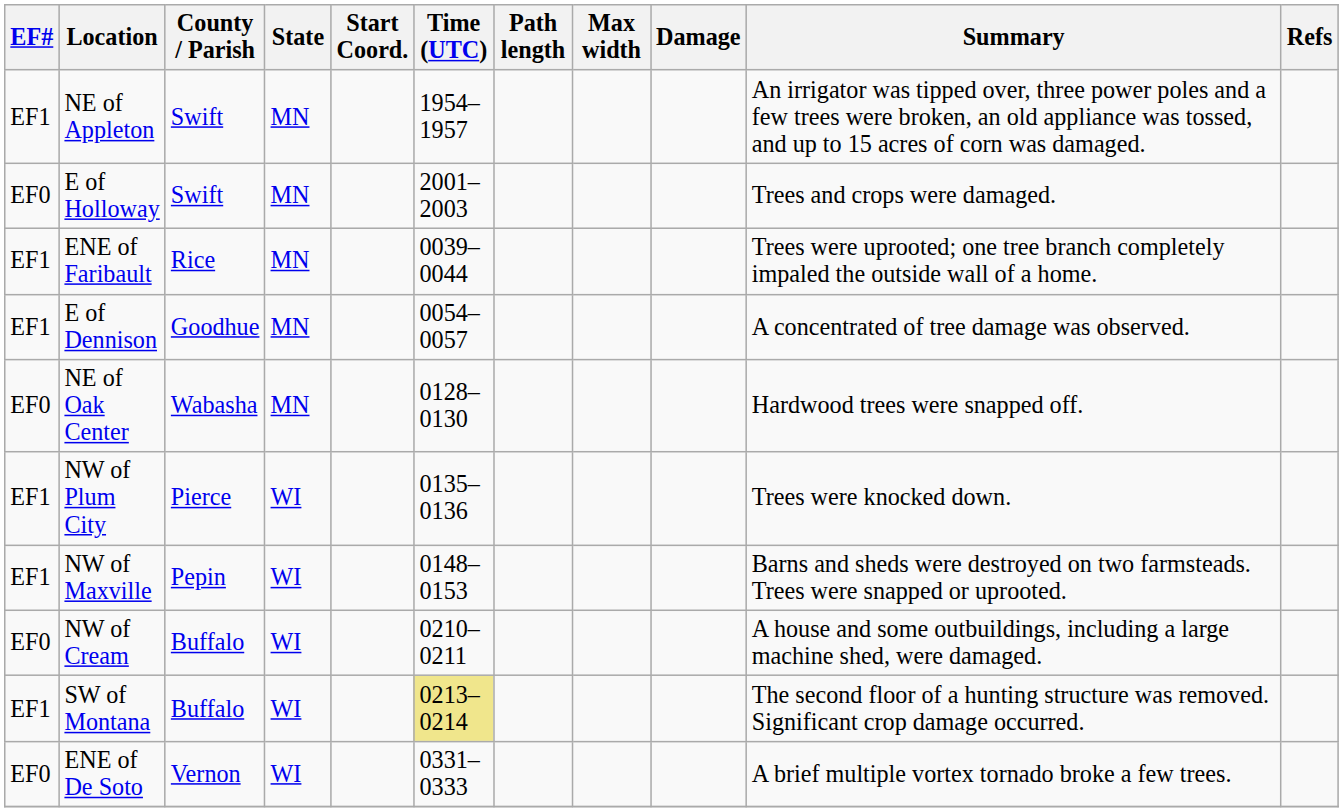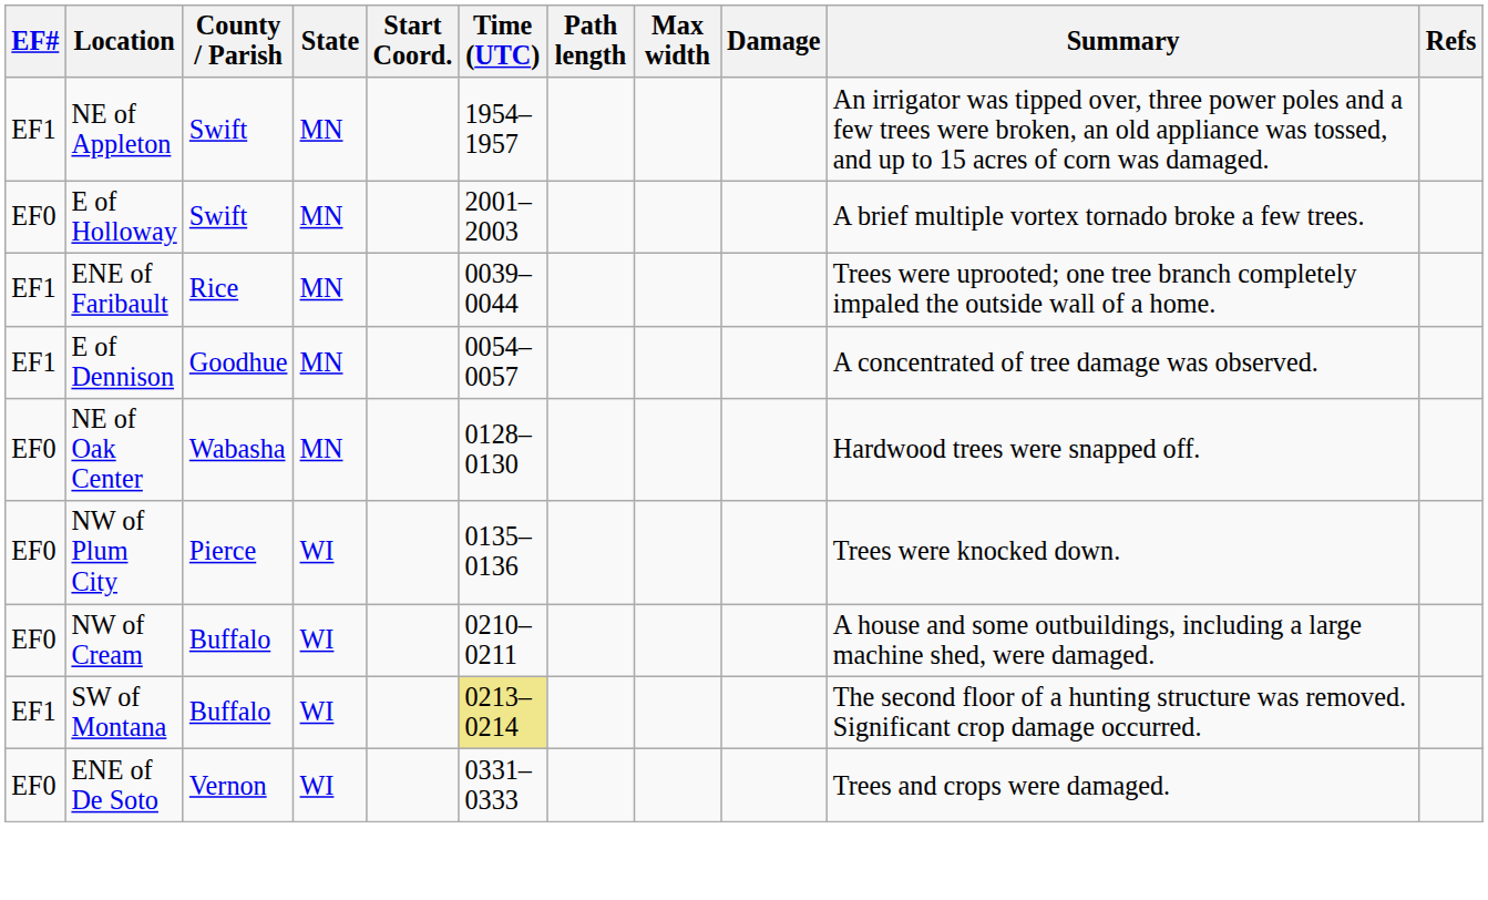 <table class="wikitable sortable" style="width:100%;">
 <tr>
 <th scope="col" width="3%" align="center"><a href='#'>EF#</a></th>
 <th scope="col" width="7%" align="center" class="unsortable">Location</th>
 <th scope="col" width="6%" align="center" class="unsortable">County / Parish</th>
 <th scope="col" width="5%" align="center">State</th>
 <th scope="col" width="6%" align="center">Start Coord.</th>
 <th scope="col" width="6%" align="center">Time (<a href='#'>UTC</a>)</th>
 <th scope="col" width="6%" align="center">Path length</th>
 <th scope="col" width="6%" align="center">Max width</th>
 <th scope="col" width="6%" align="center">Damage</th>
 <th scope="col" width="48%" class="unsortable" align="center">Summary</th>
 <th scope="col" width="48%" class="unsortable" align="center">Refs</th>
 </tr>
 <tr>
 <td>EF1</td>
 <td>NE of <a href='#'>Appleton</a></td>
 <td><a href='#'>Swift</a></td>
 <td><a href='#'>MN</a></td>
 <td></td>
 <td>1954–1957</td>
 <td></td>
 <td></td>
 <td></td>
 <td>An irrigator was tipped over, three power poles and a few trees were broken, an old appliance was tossed, and up to 15 acres of corn was damaged.</td>
 <td></td>
 </tr>
 <tr>
 <td>EF0</td>
 <td>E of <a href='#'>Holloway</a></td>
 <td><a href='#'>Swift</a></td>
 <td><a href='#'>MN</a></td>
 <td></td>
 <td>2001–2003</td>
 <td></td>
 <td></td>
 <td></td>
-<td>Trees and crops were damaged.</td>
+<td>A brief multiple vortex tornado broke a few trees.</td>
 <td></td>
 </tr>
 <tr>
 <td>EF1</td>
 <td>ENE of <a href='#'>Faribault</a></td>
 <td><a href='#'>Rice</a></td>
 <td><a href='#'>MN</a></td>
 <td></td>
 <td>0039–0044</td>
 <td></td>
 <td></td>
 <td></td>
 <td>Trees were uprooted; one tree branch completely impaled the outside wall of a home.</td>
 <td></td>
 </tr>
 <tr>
 <td>EF1</td>
 <td>E of <a href='#'>Dennison</a></td>
 <td><a href='#'>Goodhue</a></td>
 <td><a href='#'>MN</a></td>
 <td></td>
 <td>0054–0057</td>
 <td></td>
 <td></td>
 <td></td>
 <td>A concentrated of tree damage was observed.</td>
 <td></td>
 </tr>
 <tr>
 <td>EF0</td>
 <td>NE of <a href='#'>Oak Center</a></td>
 <td><a href='#'>Wabasha</a></td>
 <td><a href='#'>MN</a></td>
 <td></td>
 <td>0128–0130</td>
 <td></td>
 <td></td>
 <td></td>
 <td>Hardwood trees were snapped off.</td>
 <td></td>
 </tr>
 <tr>
-<td>EF1</td>
+<td>EF0</td>
 <td>NW of <a href='#'>Plum City</a></td>
 <td><a href='#'>Pierce</a></td>
 <td><a href='#'>WI</a></td>
 <td></td>
 <td>0135–0136</td>
 <td></td>
 <td></td>
 <td></td>
 <td>Trees were knocked down.</td>
-<td></td>
-</tr>
-<tr>
-<td>EF1</td>
-<td>NW of <a href='#'>Maxville</a></td>
-<td><a href='#'>Pepin</a></td>
-<td><a href='#'>WI</a></td>
-<td></td>
-<td>0148–0153</td>
-<td></td>
-<td></td>
-<td></td>
-<td>Barns and sheds were destroyed on two farmsteads. Trees were snapped or uprooted.</td>
 <td></td>
 </tr>
 <tr>
 <td>EF0</td>
 <td>NW of <a href='#'>Cream</a></td>
 <td><a href='#'>Buffalo</a></td>
 <td><a href='#'>WI</a></td>
 <td></td>
 <td>0210–0211</td>
 <td></td>
 <td></td>
 <td></td>
 <td>A house and some outbuildings, including a large machine shed, were damaged.</td>
 <td></td>
 </tr>
 <tr>
 <td>EF1</td>
 <td>SW of <a href='#'>Montana</a></td>
 <td><a href='#'>Buffalo</a></td>
 <td><a href='#'>WI</a></td>
 <td></td>
 <td style="background: khaki;">0213–0214</td>
 <td></td>
 <td></td>
 <td></td>
 <td>The second floor of a hunting structure was removed. Significant crop damage occurred.</td>
 <td></td>
 </tr>
 <tr>
 <td>EF0</td>
 <td>ENE of <a href='#'>De Soto</a></td>
 <td><a href='#'>Vernon</a></td>
 <td><a href='#'>WI</a></td>
 <td></td>
 <td>0331–0333</td>
 <td></td>
 <td></td>
 <td></td>
-<td>A brief multiple vortex tornado broke a few trees.</td>
+<td>Trees and crops were damaged.</td>
 <td></td>
 </tr>
 <tr>
 </tr>
 </table>
